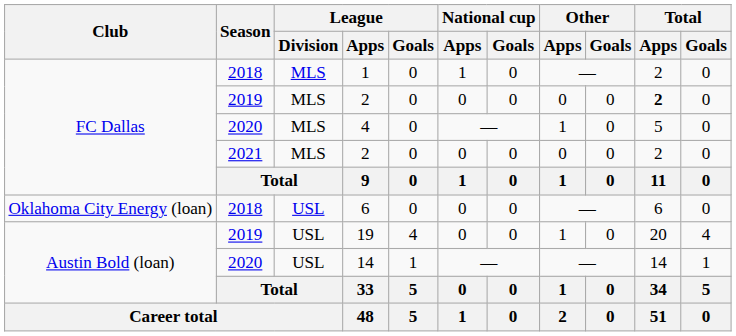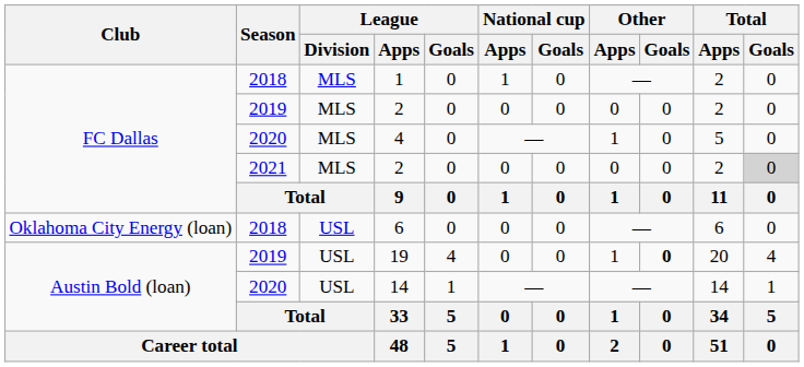 <table class="wikitable" style="text-align:center">
 <tr>
 <th rowspan="2">Club</th>
 <th rowspan="2">Season</th>
 <th colspan="3">League</th>
 <th colspan="2">National cup</th>
 <th colspan="2">Other</th>
 <th colspan="2">Total</th>
 </tr>
 <tr>
 <th>Division</th>
 <th>Apps</th>
 <th>Goals</th>
 <th>Apps</th>
 <th>Goals</th>
 <th>Apps</th>
 <th>Goals</th>
 <th>Apps</th>
 <th>Goals</th>
 </tr>
 <tr>
 <td rowspan="5"><a href='#'>FC Dallas</a></td>
 <td><a href='#'>2018</a></td>
 <td><a href='#'>MLS</a></td>
 <td>1</td>
 <td>0</td>
 <td>1</td>
 <td>0</td>
 <td colspan="2">—</td>
 <td>2</td>
 <td>0</td>
 </tr>
 <tr>
 <td><a href='#'>2019</a></td>
 <td>MLS</td>
 <td>2</td>
 <td>0</td>
 <td>0</td>
 <td>0</td>
 <td>0</td>
 <td>0</td>
-<td><strong>2</strong></td>
+<td>2</td>
 <td>0</td>
 </tr>
 <tr>
 <td><a href='#'>2020</a></td>
 <td>MLS</td>
 <td>4</td>
 <td>0</td>
 <td colspan="2">—</td>
 <td>1</td>
 <td>0</td>
 <td>5</td>
 <td>0</td>
 </tr>
 <tr>
 <td><a href='#'>2021</a></td>
 <td>MLS</td>
 <td>2</td>
 <td>0</td>
 <td>0</td>
 <td>0</td>
 <td>0</td>
 <td>0</td>
 <td>2</td>
-<td>0</td>
+<td style="background: lightgrey;">0</td>
 </tr>
 <tr>
 <th colspan="2">Total</th>
 <th>9</th>
 <th>0</th>
 <th>1</th>
 <th>0</th>
 <th>1</th>
 <th>0</th>
 <th>11</th>
 <th>0</th>
 </tr>
 <tr>
 <td><a href='#'>Oklahoma City Energy</a> (loan)</td>
 <td><a href='#'>2018</a></td>
 <td><a href='#'>USL</a></td>
 <td>6</td>
 <td>0</td>
 <td>0</td>
 <td>0</td>
 <td colspan="2">—</td>
 <td>6</td>
 <td>0</td>
 </tr>
 <tr>
 <td rowspan="3"><a href='#'>Austin Bold</a> (loan)</td>
 <td><a href='#'>2019</a></td>
 <td>USL</td>
 <td>19</td>
 <td>4</td>
 <td>0</td>
 <td>0</td>
 <td>1</td>
-<td>0</td>
+<td><strong>0</strong></td>
 <td>20</td>
 <td>4</td>
 </tr>
 <tr>
 <td><a href='#'>2020</a></td>
 <td>USL</td>
 <td>14</td>
 <td>1</td>
 <td colspan="2">—</td>
 <td colspan="2">—</td>
 <td>14</td>
 <td>1</td>
 </tr>
 <tr>
 <th colspan="2">Total</th>
 <th>33</th>
 <th>5</th>
 <th>0</th>
 <th>0</th>
 <th>1</th>
 <th>0</th>
 <th>34</th>
 <th>5</th>
 </tr>
 <tr>
 <th colspan="3">Career total</th>
 <th>48</th>
 <th>5</th>
 <th>1</th>
 <th>0</th>
 <th>2</th>
 <th>0</th>
 <th>51</th>
 <th>0</th>
 </tr>
 </table>
